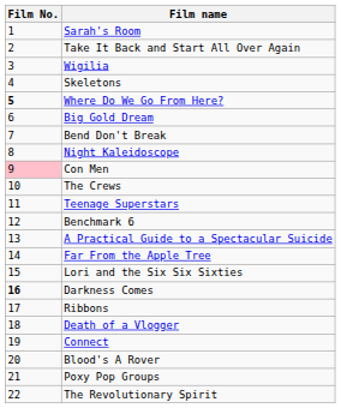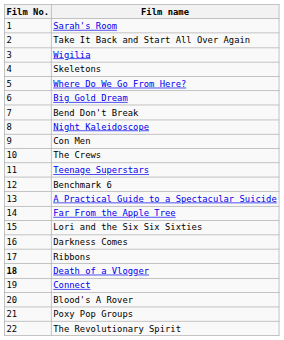 <table class="wikitable">
 <tr>
 <th>Film No.</th>
 <th>Film name</th>
 </tr>
 <tr>
 <td>1</td>
 <td><a href='#'>Sarah's Room</a></td>
 </tr>
 <tr>
 <td>2</td>
 <td>Take It Back and Start All Over Again</td>
 </tr>
 <tr>
 <td>3</td>
 <td><a href='#'>Wigilia</a></td>
 </tr>
 <tr>
 <td>4</td>
 <td>Skeletons</td>
 </tr>
 <tr>
-<td><strong>5</strong></td>
+<td>5</td>
 <td><a href='#'>Where Do We Go From Here?</a></td>
 </tr>
 <tr>
 <td>6</td>
 <td><a href='#'>Big Gold Dream</a></td>
 </tr>
 <tr>
 <td>7</td>
 <td>Bend Don't Break</td>
 </tr>
 <tr>
 <td>8</td>
 <td><a href='#'>Night Kaleidoscope</a></td>
 </tr>
 <tr>
-<td style="background: pink;">9</td>
+<td>9</td>
 <td>Con Men</td>
 </tr>
 <tr>
 <td>10</td>
 <td>The Crews</td>
 </tr>
 <tr>
 <td>11</td>
 <td><a href='#'>Teenage Superstars</a></td>
 </tr>
 <tr>
 <td>12</td>
 <td>Benchmark 6</td>
 </tr>
 <tr>
 <td>13</td>
 <td><a href='#'>A Practical Guide to a Spectacular Suicide</a></td>
 </tr>
 <tr>
 <td>14</td>
 <td><a href='#'>Far From the Apple Tree</a></td>
 </tr>
 <tr>
 <td>15</td>
 <td>Lori and the Six Six Sixties</td>
 </tr>
 <tr>
-<td><strong>16</strong></td>
+<td>16</td>
 <td>Darkness Comes</td>
 </tr>
 <tr>
 <td>17</td>
 <td>Ribbons</td>
 </tr>
 <tr>
-<td>18</td>
+<td><strong>18</strong></td>
 <td><a href='#'>Death of a Vlogger</a></td>
 </tr>
 <tr>
 <td>19</td>
 <td><a href='#'>Connect</a></td>
 </tr>
 <tr>
 <td>20</td>
 <td>Blood's A Rover</td>
 </tr>
 <tr>
 <td>21</td>
 <td>Poxy Pop Groups</td>
 </tr>
 <tr>
 <td>22</td>
 <td>The Revolutionary Spirit</td>
 </tr>
 </table>
